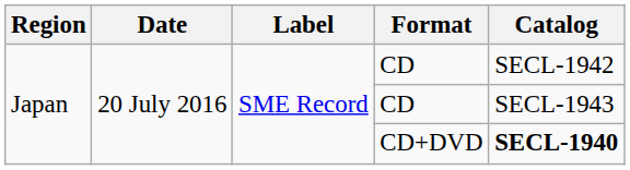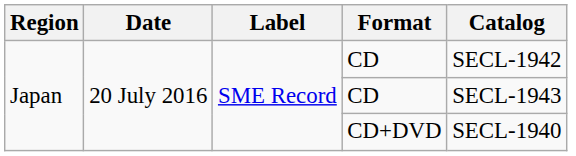 <table class="wikitable">
 <tr>
 <th>Region</th>
 <th>Date</th>
 <th>Label</th>
 <th>Format</th>
 <th>Catalog</th>
 </tr>
 <tr>
 <td rowspan="3">Japan</td>
 <td rowspan="3">20 July 2016</td>
 <td rowspan="3"><a href='#'>SME Record</a></td>
 <td>CD</td>
 <td>SECL-1942</td>
 </tr>
 <tr>
 <td>CD</td>
 <td>SECL-1943</td>
 </tr>
 <tr>
 <td>CD+DVD</td>
-<td><strong>SECL-1940</strong></td>
+<td>SECL-1940</td>
 </tr>
 </table>
